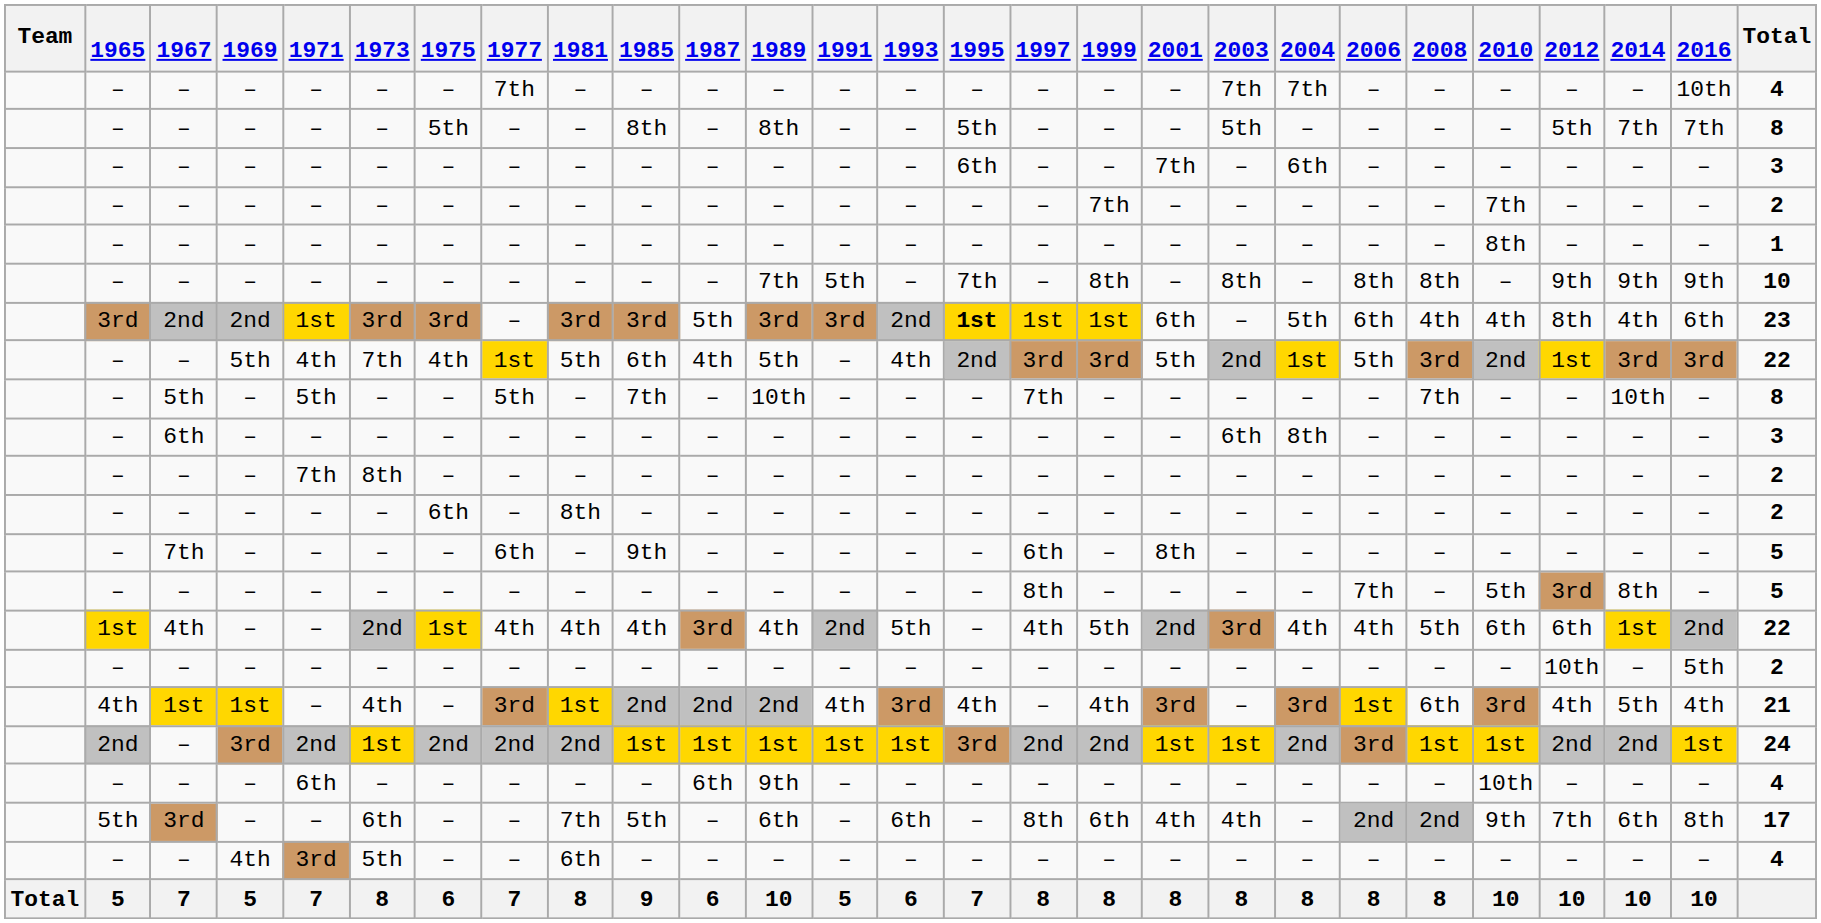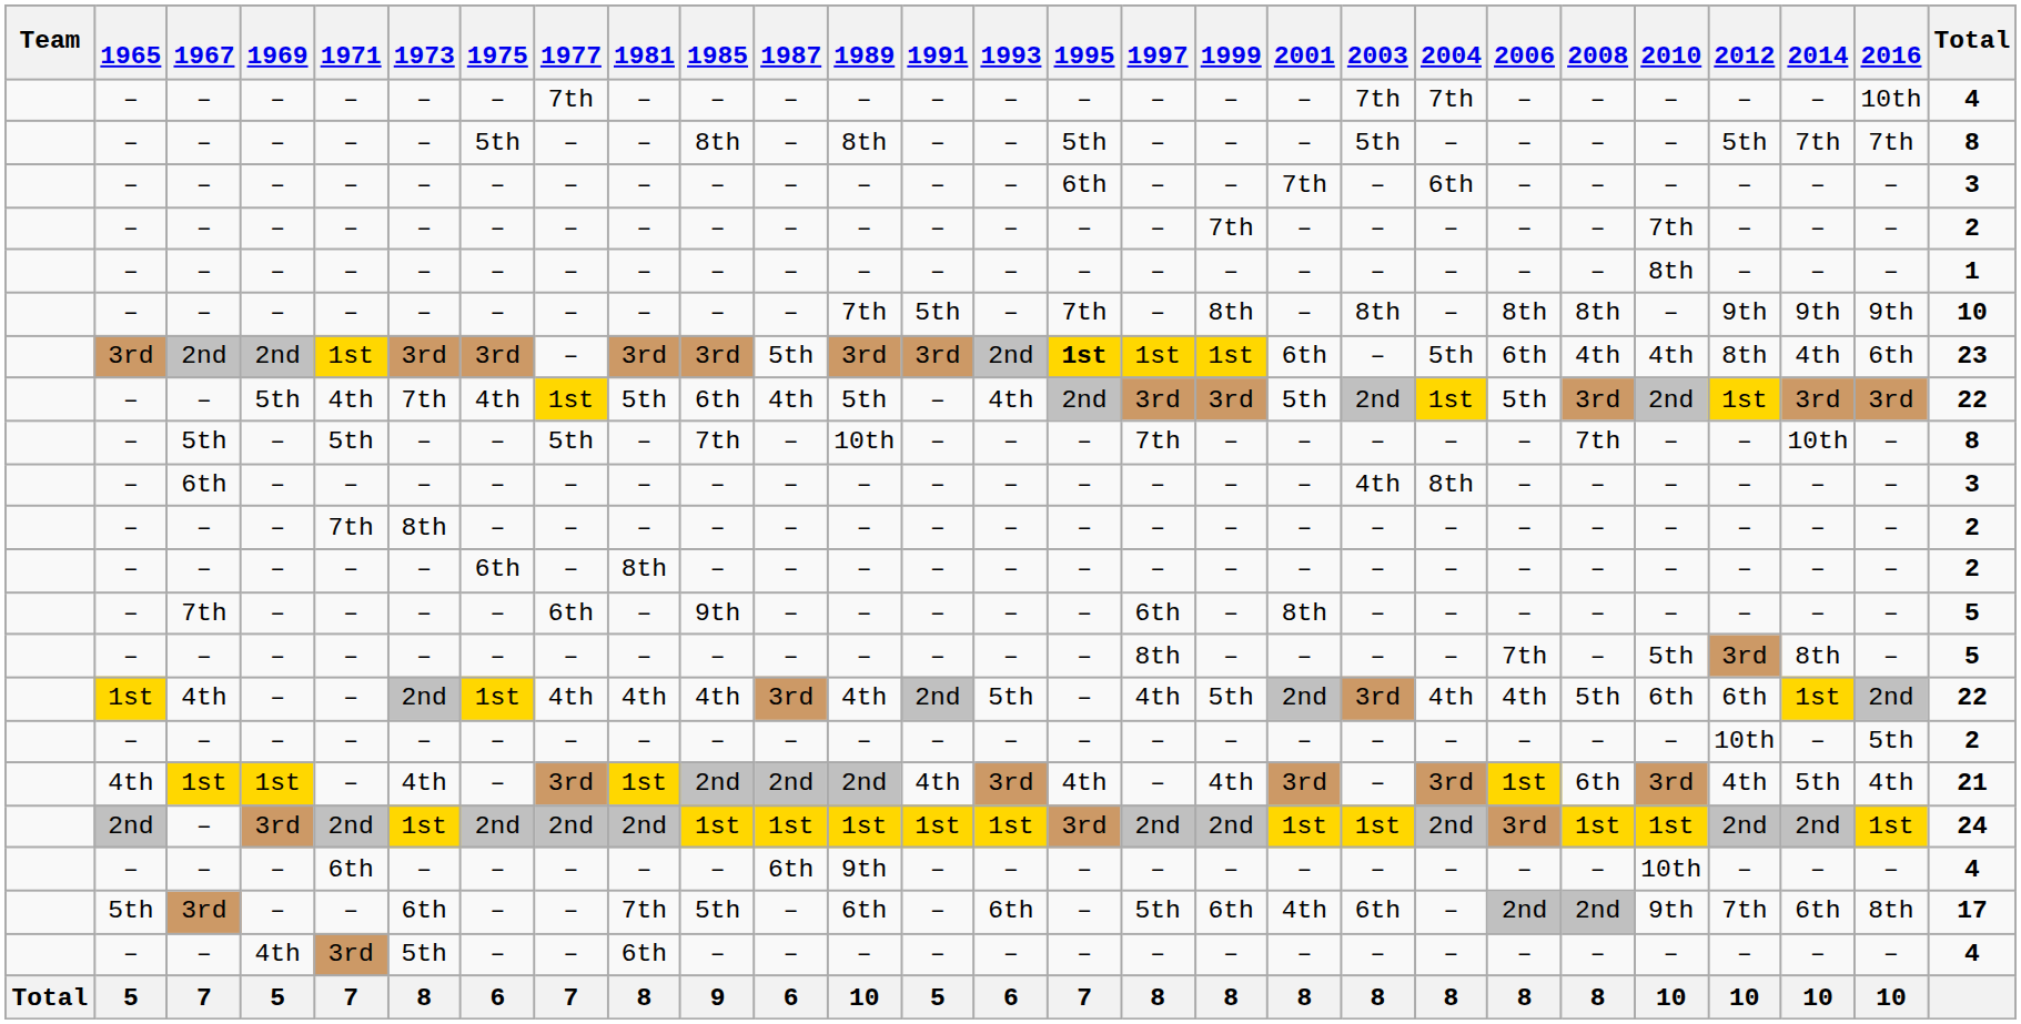 <table class="wikitable" style="text-align:center; font-size:90%">
 <tr>
 <th>Team</th>
 <th><br><a href='#'>1965</a></th>
 <th><br><a href='#'>1967</a></th>
 <th><br><a href='#'>1969</a></th>
 <th><br><a href='#'>1971</a></th>
 <th><br><a href='#'>1973</a></th>
 <th><br><a href='#'>1975</a></th>
 <th><br><a href='#'>1977</a></th>
 <th><br><a href='#'>1981</a></th>
 <th><br><a href='#'>1985</a></th>
 <th><br><a href='#'>1987</a></th>
 <th><br><a href='#'>1989</a></th>
 <th><br><a href='#'>1991</a></th>
 <th><br><a href='#'>1993</a></th>
 <th><br><a href='#'>1995</a></th>
 <th><br><a href='#'>1997</a></th>
 <th><br><a href='#'>1999</a></th>
 <th><br><a href='#'>2001</a></th>
 <th><br><a href='#'>2003</a></th>
 <th><br><a href='#'>2004</a></th>
 <th><br><a href='#'>2006</a></th>
 <th><br><a href='#'>2008</a></th>
 <th><br><a href='#'>2010</a></th>
 <th><br><a href='#'>2012</a></th>
 <th><br><a href='#'>2014</a></th>
 <th><br><a href='#'>2016</a></th>
 <th>Total</th>
 </tr>
 <tr>
 <td align=left></td>
 <td>–</td>
 <td>–</td>
 <td>–</td>
 <td>–</td>
 <td>–</td>
 <td>–</td>
 <td>7th</td>
 <td>–</td>
 <td>–</td>
 <td>–</td>
 <td>–</td>
 <td>–</td>
 <td>–</td>
 <td>–</td>
 <td>–</td>
 <td>–</td>
 <td>–</td>
 <td>7th</td>
 <td>7th</td>
 <td>–</td>
 <td>–</td>
 <td>–</td>
 <td>–</td>
 <td>–</td>
 <td>10th</td>
 <td><strong>4</strong></td>
 </tr>
 <tr>
 <td align=left></td>
 <td>–</td>
 <td>–</td>
 <td>–</td>
 <td>–</td>
 <td>–</td>
 <td>5th</td>
 <td>–</td>
 <td>–</td>
 <td>8th</td>
 <td>–</td>
 <td>8th</td>
 <td>–</td>
 <td>–</td>
 <td>5th</td>
 <td>–</td>
 <td>–</td>
 <td>–</td>
 <td>5th</td>
 <td>–</td>
 <td>–</td>
 <td>–</td>
 <td>–</td>
 <td>5th</td>
 <td>7th</td>
 <td>7th</td>
 <td><strong>8</strong></td>
 </tr>
 <tr>
 <td align=left></td>
 <td>–</td>
 <td>–</td>
 <td>–</td>
 <td>–</td>
 <td>–</td>
 <td>–</td>
 <td>–</td>
 <td>–</td>
 <td>–</td>
 <td>–</td>
 <td>–</td>
 <td>–</td>
 <td>–</td>
 <td>6th</td>
 <td>–</td>
 <td>–</td>
 <td>7th</td>
 <td>–</td>
 <td>6th</td>
 <td>–</td>
 <td>–</td>
 <td>–</td>
 <td>–</td>
 <td>–</td>
 <td>–</td>
 <td><strong>3</strong></td>
 </tr>
 <tr>
 <td align=left></td>
 <td>–</td>
 <td>–</td>
 <td>–</td>
 <td>–</td>
 <td>–</td>
 <td>–</td>
 <td>–</td>
 <td>–</td>
 <td>–</td>
 <td>–</td>
 <td>–</td>
 <td>–</td>
 <td>–</td>
 <td>–</td>
 <td>–</td>
 <td>7th</td>
 <td>–</td>
 <td>–</td>
 <td>–</td>
 <td>–</td>
 <td>–</td>
 <td>7th</td>
 <td>–</td>
 <td>–</td>
 <td>–</td>
 <td><strong>2</strong></td>
 </tr>
 <tr>
 <td align=left></td>
 <td>–</td>
 <td>–</td>
 <td>–</td>
 <td>–</td>
 <td>–</td>
 <td>–</td>
 <td>–</td>
 <td>–</td>
 <td>–</td>
 <td>–</td>
 <td>–</td>
 <td>–</td>
 <td>–</td>
 <td>–</td>
 <td>–</td>
 <td>–</td>
 <td>–</td>
 <td>–</td>
 <td>–</td>
 <td>–</td>
 <td>–</td>
 <td>8th</td>
 <td>–</td>
 <td>–</td>
 <td>–</td>
 <td><strong>1</strong></td>
 </tr>
 <tr>
 <td align=left></td>
 <td>–</td>
 <td>–</td>
 <td>–</td>
 <td>–</td>
 <td>–</td>
 <td>–</td>
 <td>–</td>
 <td>–</td>
 <td>–</td>
 <td>–</td>
 <td>7th</td>
 <td>5th</td>
 <td>–</td>
 <td>7th</td>
 <td>–</td>
 <td>8th</td>
 <td>–</td>
 <td>8th</td>
 <td>–</td>
 <td>8th</td>
 <td>8th</td>
 <td>–</td>
 <td>9th</td>
 <td>9th</td>
 <td>9th</td>
 <td><strong>10</strong></td>
 </tr>
 <tr>
 <td align=left></td>
 <td bgcolor=#cc9966>3rd</td>
 <td bgcolor=silver>2nd</td>
 <td bgcolor=silver>2nd</td>
 <td bgcolor=gold>1st</td>
 <td bgcolor=#cc9966>3rd</td>
 <td bgcolor=#cc9966>3rd</td>
 <td>–</td>
 <td bgcolor=#cc9966>3rd</td>
 <td bgcolor=#cc9966>3rd</td>
 <td>5th</td>
 <td bgcolor=#cc9966>3rd</td>
 <td bgcolor=#cc9966>3rd</td>
 <td bgcolor=silver>2nd</td>
 <td bgcolor=gold><strong>1st</strong></td>
 <td bgcolor=gold>1st</td>
 <td bgcolor=gold>1st</td>
 <td>6th</td>
 <td>–</td>
 <td>5th</td>
 <td>6th</td>
 <td>4th</td>
 <td>4th</td>
 <td>8th</td>
 <td>4th</td>
 <td>6th</td>
 <td><strong>23</strong></td>
 </tr>
 <tr>
 <td align=left></td>
 <td>–</td>
 <td>–</td>
 <td>5th</td>
 <td>4th</td>
 <td>7th</td>
 <td>4th</td>
 <td bgcolor=gold>1st</td>
 <td>5th</td>
 <td>6th</td>
 <td>4th</td>
 <td>5th</td>
 <td>–</td>
 <td>4th</td>
 <td bgcolor=silver>2nd</td>
 <td bgcolor=#cc9966>3rd</td>
 <td bgcolor=#cc9966>3rd</td>
 <td>5th</td>
 <td bgcolor=silver>2nd</td>
 <td bgcolor=gold>1st</td>
 <td>5th</td>
 <td bgcolor=cc9966>3rd</td>
 <td bgcolor=silver>2nd</td>
 <td bgcolor=gold>1st</td>
 <td bgcolor=#cc9966>3rd</td>
 <td bgcolor=#cc9966>3rd</td>
 <td><strong>22</strong></td>
 </tr>
 <tr>
 <td align=left></td>
 <td>–</td>
 <td>5th</td>
 <td>–</td>
 <td>5th</td>
 <td>–</td>
 <td>–</td>
 <td>5th</td>
 <td>–</td>
 <td>7th</td>
 <td>–</td>
 <td>10th</td>
 <td>–</td>
 <td>–</td>
 <td>–</td>
 <td>7th</td>
 <td>–</td>
 <td>–</td>
 <td>–</td>
 <td>–</td>
 <td>–</td>
 <td>7th</td>
 <td>–</td>
 <td>–</td>
 <td>10th</td>
 <td>–</td>
 <td><strong>8</strong></td>
 </tr>
 <tr>
 <td align=left></td>
 <td>–</td>
 <td>6th</td>
 <td>–</td>
 <td>–</td>
 <td>–</td>
 <td>–</td>
 <td>–</td>
 <td>–</td>
 <td>–</td>
 <td>–</td>
 <td>–</td>
 <td>–</td>
 <td>–</td>
 <td>–</td>
 <td>–</td>
 <td>–</td>
 <td>–</td>
-<td>6th</td>
+<td>4th</td>
 <td>8th</td>
 <td>–</td>
 <td>–</td>
 <td>–</td>
 <td>–</td>
 <td>–</td>
 <td>–</td>
 <td><strong>3</strong></td>
 </tr>
 <tr>
 <td align=left></td>
 <td>–</td>
 <td>–</td>
 <td>–</td>
 <td>7th</td>
 <td>8th</td>
 <td>–</td>
 <td>–</td>
 <td>–</td>
 <td>–</td>
 <td>–</td>
 <td>–</td>
 <td>–</td>
 <td>–</td>
 <td>–</td>
 <td>–</td>
 <td>–</td>
 <td>–</td>
 <td>–</td>
 <td>–</td>
 <td>–</td>
 <td>–</td>
 <td>–</td>
 <td>–</td>
 <td>–</td>
 <td>–</td>
 <td><strong>2</strong></td>
 </tr>
 <tr>
 <td align=left></td>
 <td>–</td>
 <td>–</td>
 <td>–</td>
 <td>–</td>
 <td>–</td>
 <td>6th</td>
 <td>–</td>
 <td>8th</td>
 <td>–</td>
 <td>–</td>
 <td>–</td>
 <td>–</td>
 <td>–</td>
 <td>–</td>
 <td>–</td>
 <td>–</td>
 <td>–</td>
 <td>–</td>
 <td>–</td>
 <td>–</td>
 <td>–</td>
 <td>–</td>
 <td>–</td>
 <td>–</td>
 <td>–</td>
 <td><strong>2</strong></td>
 </tr>
 <tr>
 <td align=left></td>
 <td>–</td>
 <td>7th</td>
 <td>–</td>
 <td>–</td>
 <td>–</td>
 <td>–</td>
 <td>6th</td>
 <td>–</td>
 <td>9th</td>
 <td>–</td>
 <td>–</td>
 <td>–</td>
 <td>–</td>
 <td>–</td>
 <td>6th</td>
 <td>–</td>
 <td>8th</td>
 <td>–</td>
 <td>–</td>
 <td>–</td>
 <td>–</td>
 <td>–</td>
 <td>–</td>
 <td>–</td>
 <td>–</td>
 <td><strong>5</strong></td>
 </tr>
 <tr>
 <td align=left></td>
 <td>–</td>
 <td>–</td>
 <td>–</td>
 <td>–</td>
 <td>–</td>
 <td>–</td>
 <td>–</td>
 <td>–</td>
 <td>–</td>
 <td>–</td>
 <td>–</td>
 <td>–</td>
 <td>–</td>
 <td>–</td>
 <td>8th</td>
 <td>–</td>
 <td>–</td>
 <td>–</td>
 <td>–</td>
 <td>7th</td>
 <td>–</td>
 <td>5th</td>
 <td bgcolor=cc9966>3rd</td>
 <td>8th</td>
 <td>–</td>
 <td><strong>5</strong></td>
 </tr>
 <tr>
 <td align=left></td>
 <td bgcolor=gold>1st</td>
 <td>4th</td>
 <td>–</td>
 <td>–</td>
 <td bgcolor=silver>2nd</td>
 <td bgcolor=gold>1st</td>
 <td>4th</td>
 <td>4th</td>
 <td>4th</td>
 <td bgcolor=#cc9966>3rd</td>
 <td>4th</td>
 <td bgcolor=silver>2nd</td>
 <td>5th</td>
 <td>–</td>
 <td>4th</td>
 <td>5th</td>
 <td bgcolor=silver>2nd</td>
 <td bgcolor=#cc9966>3rd</td>
 <td>4th</td>
 <td>4th</td>
 <td>5th</td>
 <td>6th</td>
 <td>6th</td>
 <td bgcolor=gold>1st</td>
 <td bgcolor=silver>2nd</td>
 <td><strong>22</strong></td>
 </tr>
 <tr>
 <td align=left></td>
 <td>–</td>
 <td>–</td>
 <td>–</td>
 <td>–</td>
 <td>–</td>
 <td>–</td>
 <td>–</td>
 <td>–</td>
 <td>–</td>
 <td>–</td>
 <td>–</td>
 <td>–</td>
 <td>–</td>
 <td>–</td>
 <td>–</td>
 <td>–</td>
 <td>–</td>
 <td>–</td>
 <td>–</td>
 <td>–</td>
 <td>–</td>
 <td>–</td>
 <td>10th</td>
 <td>–</td>
 <td>5th</td>
 <td><strong>2</strong></td>
 </tr>
 <tr>
 <td align=left></td>
 <td>4th</td>
 <td bgcolor=gold>1st</td>
 <td bgcolor=gold>1st</td>
 <td>–</td>
 <td>4th</td>
 <td>–</td>
 <td bgcolor=#cc9966>3rd</td>
 <td bgcolor=gold>1st</td>
 <td bgcolor=silver>2nd</td>
 <td bgcolor=silver>2nd</td>
 <td bgcolor=silver>2nd</td>
 <td>4th</td>
 <td bgcolor=#cc9966>3rd</td>
 <td>4th</td>
 <td>–</td>
 <td>4th</td>
 <td bgcolor=#cc9966>3rd</td>
 <td>–</td>
 <td bgcolor=#cc9966>3rd</td>
 <td bgcolor=gold>1st</td>
 <td>6th</td>
 <td bgcolor=#cc9966>3rd</td>
 <td>4th</td>
 <td>5th</td>
 <td>4th</td>
 <td><strong>21</strong></td>
 </tr>
 <tr>
 <td align=left></td>
 <td bgcolor=silver>2nd</td>
 <td>–</td>
 <td bgcolor=#cc9966>3rd</td>
 <td bgcolor=silver>2nd</td>
 <td bgcolor=gold>1st</td>
 <td bgcolor=silver>2nd</td>
 <td bgcolor=silver>2nd</td>
 <td bgcolor=silver>2nd</td>
 <td bgcolor=gold>1st</td>
 <td bgcolor=gold>1st</td>
 <td bgcolor=gold>1st</td>
 <td bgcolor=gold>1st</td>
 <td bgcolor=gold>1st</td>
 <td bgcolor=#cc9966>3rd</td>
 <td bgcolor=silver>2nd</td>
 <td bgcolor=silver>2nd</td>
 <td bgcolor=gold>1st</td>
 <td bgcolor=gold>1st</td>
 <td bgcolor=silver>2nd</td>
 <td bgcolor=#cc9966>3rd</td>
 <td bgcolor=gold>1st</td>
 <td bgcolor=gold>1st</td>
 <td bgcolor=silver>2nd</td>
 <td bgcolor=silver>2nd</td>
 <td bgcolor=gold>1st</td>
 <td><strong>24</strong></td>
 </tr>
 <tr>
 <td align=left></td>
 <td>–</td>
 <td>–</td>
 <td>–</td>
 <td>6th</td>
 <td>–</td>
 <td>–</td>
 <td>–</td>
 <td>–</td>
 <td>–</td>
 <td>6th</td>
 <td>9th</td>
 <td>–</td>
 <td>–</td>
 <td>–</td>
 <td>–</td>
 <td>–</td>
 <td>–</td>
 <td>–</td>
 <td>–</td>
 <td>–</td>
 <td>–</td>
 <td>10th</td>
 <td>–</td>
 <td>–</td>
 <td>–</td>
 <td><strong>4</strong></td>
 </tr>
 <tr>
 <td align=left></td>
 <td>5th</td>
 <td bgcolor=#cc9966>3rd</td>
 <td>–</td>
 <td>–</td>
 <td>6th</td>
 <td>–</td>
 <td>–</td>
 <td>7th</td>
 <td>5th</td>
 <td>–</td>
 <td>6th</td>
 <td>–</td>
 <td>6th</td>
 <td>–</td>
-<td>8th</td>
+<td>5th</td>
 <td>6th</td>
 <td>4th</td>
-<td>4th</td>
+<td>6th</td>
 <td>–</td>
 <td bgcolor=silver>2nd</td>
 <td bgcolor=silver>2nd</td>
 <td>9th</td>
 <td>7th</td>
 <td>6th</td>
 <td>8th</td>
 <td><strong>17</strong></td>
 </tr>
 <tr>
 <td align=left></td>
 <td>–</td>
 <td>–</td>
 <td>4th</td>
 <td bgcolor=#cc9966>3rd</td>
 <td>5th</td>
 <td>–</td>
 <td>–</td>
 <td>6th</td>
 <td>–</td>
 <td>–</td>
 <td>–</td>
 <td>–</td>
 <td>–</td>
 <td>–</td>
 <td>–</td>
 <td>–</td>
 <td>–</td>
 <td>–</td>
 <td>–</td>
 <td>–</td>
 <td>–</td>
 <td>–</td>
 <td>–</td>
 <td>–</td>
 <td>–</td>
 <td><strong>4</strong></td>
 </tr>
 <tr>
 <th>Total</th>
 <th>5</th>
 <th>7</th>
 <th>5</th>
 <th>7</th>
 <th>8</th>
 <th>6</th>
 <th>7</th>
 <th>8</th>
 <th>9</th>
 <th>6</th>
 <th>10</th>
 <th>5</th>
 <th>6</th>
 <th>7</th>
 <th>8</th>
 <th>8</th>
 <th>8</th>
 <th>8</th>
 <th>8</th>
 <th>8</th>
 <th>8</th>
 <th>10</th>
 <th>10</th>
 <th>10</th>
 <th>10</th>
 <th></th>
 </tr>
 </table>
